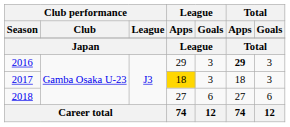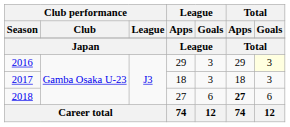 <table class="wikitable" style="text-align:center">
 <tr>
 <th colspan=3>Club performance</th>
 <th colspan=2>League</th>
 <th colspan=2>Total</th>
 </tr>
 <tr>
 <th>Season</th>
 <th>Club</th>
 <th>League</th>
 <th>Apps</th>
 <th>Goals</th>
 <th>Apps</th>
 <th>Goals</th>
 </tr>
 <tr>
 </tr>
 <tr>
 <th colspan=3>Japan</th>
 <th colspan=2>League</th>
 <th colspan=2>Total</th>
 </tr>
 <tr>
 <td><a href='#'>2016</a></td>
 <td rowspan="3"><a href='#'>Gamba Osaka U-23</a></td>
 <td rowspan="3"><a href='#'>J3</a></td>
 <td>29</td>
 <td>3</td>
-<td><strong>29</strong></td>
-<td>3</td>
+<td>29</td>
+<td style="background: lightyellow;">3</td>
 </tr>
 <tr>
 <td><a href='#'>2017</a></td>
-<td style="background: gold;">18</td>
+<td>18</td>
 <td>3</td>
 <td>18</td>
 <td>3</td>
 </tr>
 <tr>
 <td><a href='#'>2018</a></td>
 <td>27</td>
 <td>6</td>
-<td>27</td>
+<td><strong>27</strong></td>
 <td>6</td>
 </tr>
 <tr>
 <th colspan=3>Career total</th>
 <th>74</th>
 <th>12</th>
 <th>74</th>
 <th>12</th>
 </tr>
 </table>
